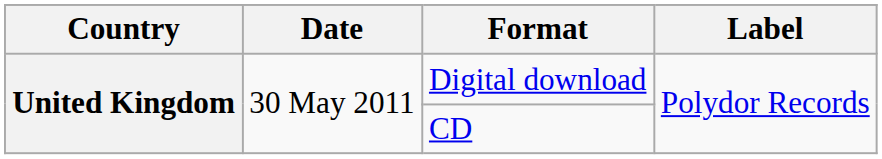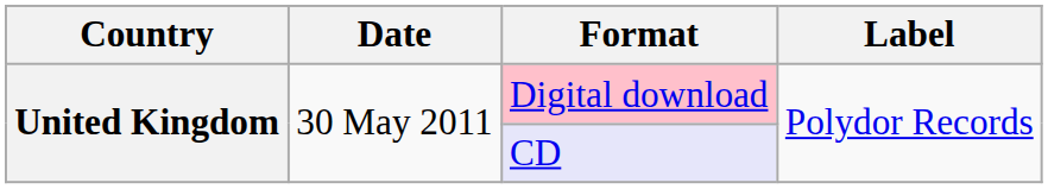 <table class="wikitable plainrowheaders">
 <tr>
 <th scope="col">Country</th>
 <th scope="col">Date</th>
 <th scope="col">Format</th>
 <th scope="col">Label</th>
 </tr>
 <tr>
 <th scope="row" rowspan="2">United Kingdom</th>
 <td rowspan="2">30 May 2011</td>
-<td><a href='#'>Digital download</a></td>
+<td style="background: pink;"><a href='#'>Digital download</a></td>
 <td rowspan="2"><a href='#'>Polydor Records</a></td>
 </tr>
 <tr>
-<td><a href='#'>CD</a></td>
+<td style="background: lavender;"><a href='#'>CD</a></td>
 </tr>
 </table>
